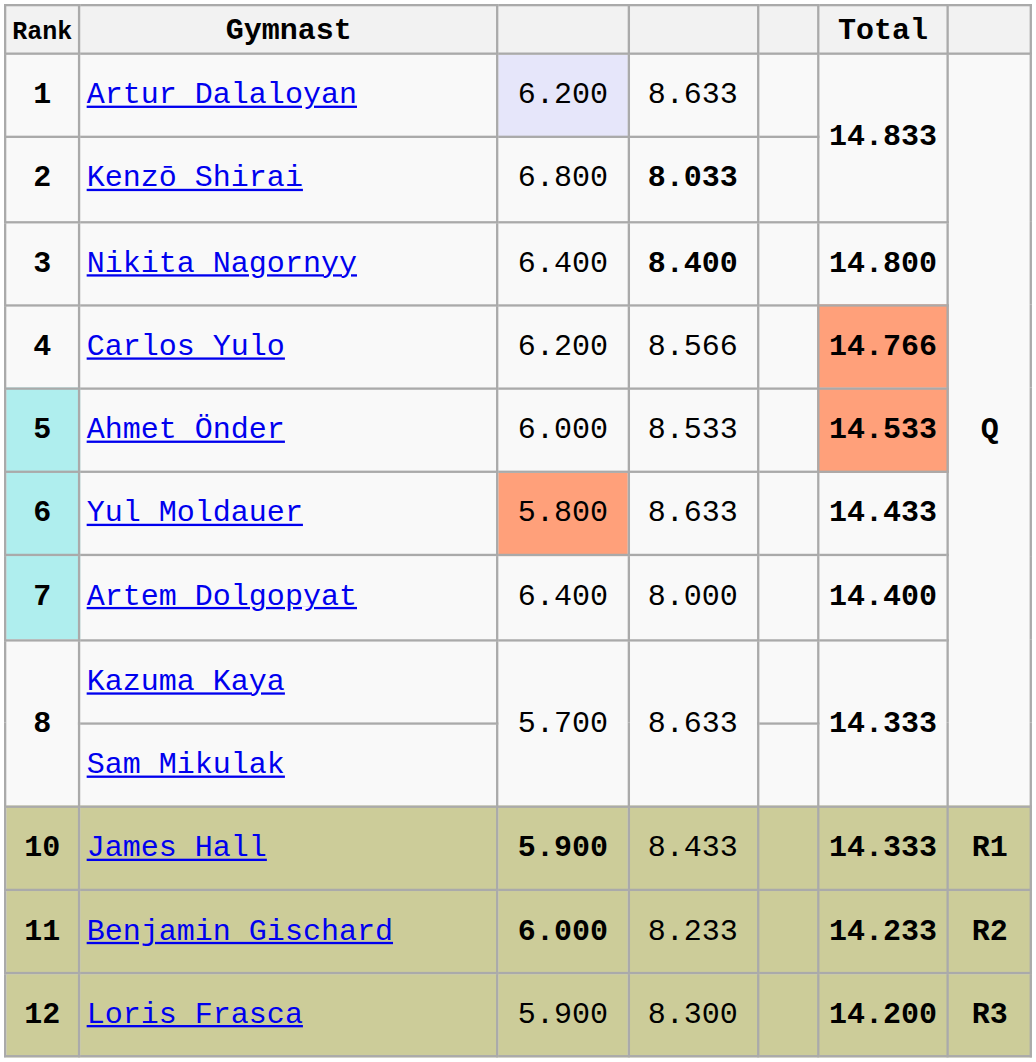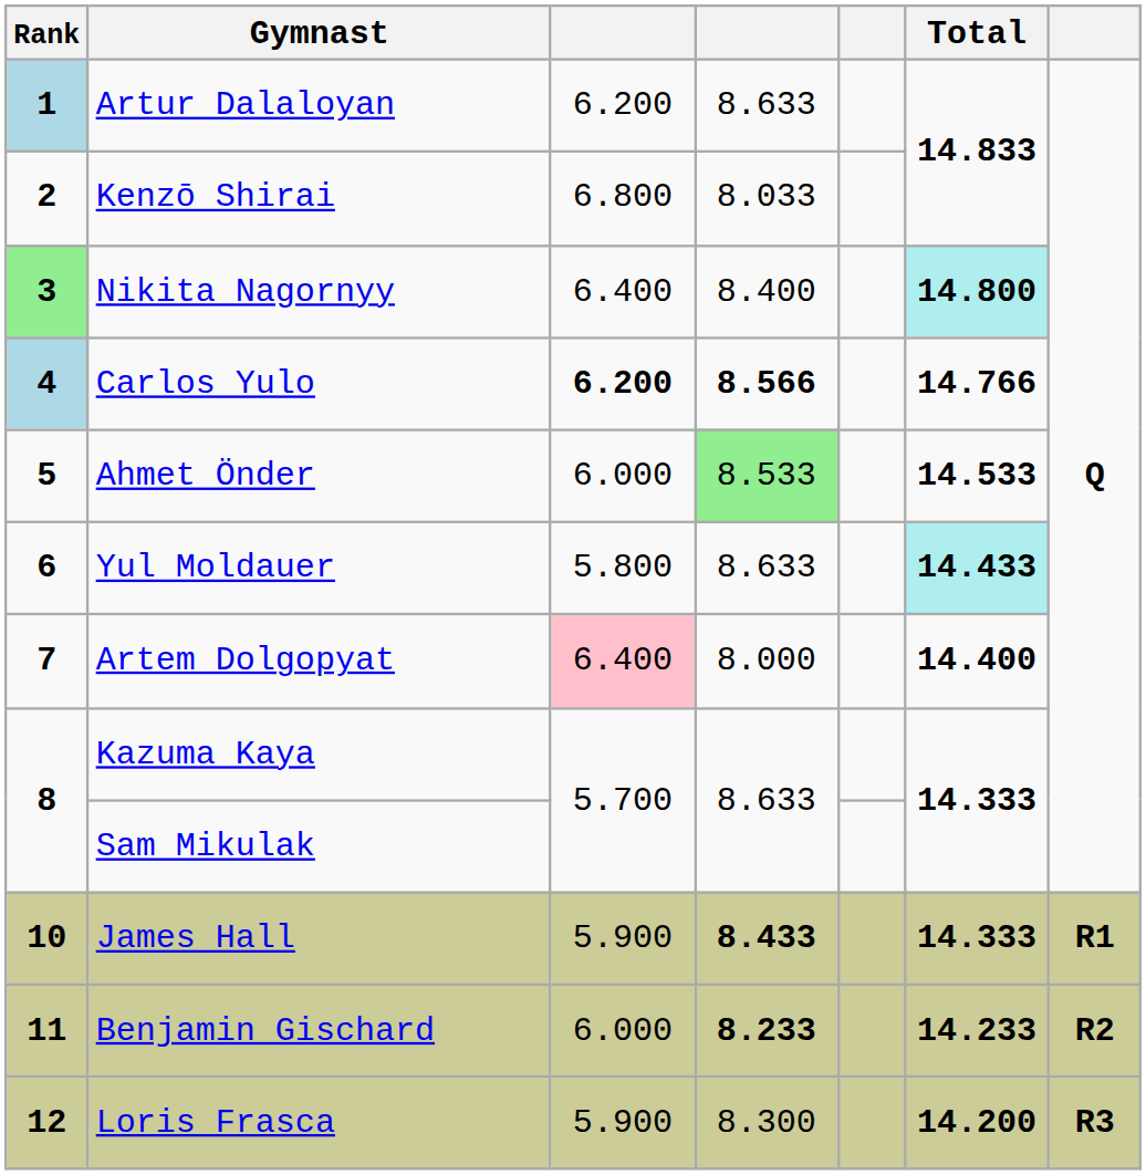 <table style="text-align:center;" class="wikitable sortable">
 <tr>
 <th scope="col" style="width:15px;"><small>Rank</small></th>
 <th scope="col" style="width:175px;">Gymnast</th>
 <th scope="col" style="width:50px;"><small></small></th>
 <th scope="col" style="width:50px;"><small></small></th>
 <th scope="col" style="width:20px;"><small></small></th>
 <th scope="col" style="width:50px;">Total</th>
 <th scope="col" style="width:30px;"><small></small></th>
 </tr>
 <tr>
-<td scope="row" style="text-align:center"><strong>1</strong></td>
+<td scope="row" style="background: lightblue; text-align:center"><strong>1</strong></td>
 <td style="height:30px; text-align:left;"> <a href='#'>Artur Dalaloyan</a></td>
-<td style="background: lavender;">6.200</td>
+<td>6.200</td>
 <td>8.633</td>
 <td></td>
 <td rowspan=2><strong>14.833</strong></td>
 <td rowspan=9><strong>Q</strong></td>
 </tr>
 <tr>
 <td scope="row" style="text-align:center"><strong>2</strong></td>
 <td style="height:30px; text-align:left;"> <a href='#'>Kenzō Shirai</a></td>
 <td>6.800</td>
-<td><strong>8.033</strong></td>
+<td>8.033</td>
 <td></td>
 </tr>
 <tr>
-<td scope="row" style="text-align:center"><strong>3</strong></td>
+<td scope="row" style="background: lightgreen; text-align:center"><strong>3</strong></td>
 <td style="height:30px; text-align:left;"> <a href='#'>Nikita Nagornyy</a></td>
 <td>6.400</td>
-<td><strong>8.400</strong></td>
+<td>8.400</td>
 <td></td>
-<td><strong>14.800</strong></td>
+<td style="background: paleturquoise;"><strong>14.800</strong></td>
 </tr>
 <tr>
-<td scope="row" style="text-align:center"><strong>4</strong></td>
+<td scope="row" style="background: lightblue; text-align:center"><strong>4</strong></td>
 <td style="height:30px; text-align:left;"> <a href='#'>Carlos Yulo</a></td>
-<td>6.200</td>
-<td>8.566</td>
+<td><strong>6.200</strong></td>
+<td><strong>8.566</strong></td>
 <td></td>
-<td style="background: lightsalmon;"><strong>14.766</strong></td>
+<td><strong>14.766</strong></td>
 </tr>
 <tr>
-<td scope="row" style="background: paleturquoise; text-align:center"><strong>5</strong></td>
+<td scope="row" style="text-align:center"><strong>5</strong></td>
 <td style="height:30px; text-align:left;"> <a href='#'>Ahmet Önder</a></td>
 <td>6.000</td>
-<td>8.533</td>
+<td style="background: lightgreen;">8.533</td>
 <td></td>
-<td style="background: lightsalmon;"><strong>14.533</strong></td>
+<td><strong>14.533</strong></td>
 </tr>
 <tr>
-<td scope="row" style="background: paleturquoise; text-align:center"><strong>6</strong></td>
+<td scope="row" style="text-align:center"><strong>6</strong></td>
 <td style="height:30px; text-align:left;"> <a href='#'>Yul Moldauer</a></td>
-<td style="background: lightsalmon;">5.800</td>
+<td>5.800</td>
 <td>8.633</td>
 <td></td>
-<td><strong>14.433</strong></td>
+<td style="background: paleturquoise;"><strong>14.433</strong></td>
 </tr>
 <tr>
-<td scope="row" style="background: paleturquoise; text-align:center"><strong>7</strong></td>
+<td scope="row" style="text-align:center"><strong>7</strong></td>
 <td style="height:30px; text-align:left;"> <a href='#'>Artem Dolgopyat</a></td>
-<td>6.400</td>
+<td style="background: pink;">6.400</td>
 <td>8.000</td>
 <td></td>
 <td><strong>14.400</strong></td>
 </tr>
 <tr>
 <td rowspan=2><strong>8</strong></td>
 <td style="height:30px; text-align:left;"> <a href='#'>Kazuma Kaya</a></td>
 <td rowspan=2>5.700</td>
 <td rowspan=2>8.633</td>
 <td></td>
 <td rowspan=2><strong>14.333</strong></td>
 </tr>
 <tr>
 <td style="height:30px; text-align:left;"> <a href='#'>Sam Mikulak</a></td>
 <td></td>
 </tr>
 <tr style="background:#cccc99;">
 <td scope="row" style="text-align:center"><strong>10</strong></td>
 <td style="height:30px; text-align:left;"> <a href='#'>James Hall</a></td>
-<td><strong>5.900</strong></td>
-<td>8.433</td>
+<td>5.900</td>
+<td><strong>8.433</strong></td>
 <td></td>
 <td><strong>14.333</strong></td>
 <td><strong>R1</strong></td>
 </tr>
 <tr style="background:#cccc99;">
 <td scope="row" style="text-align:center"><strong>11</strong></td>
 <td style="height:30px; text-align:left;"> <a href='#'>Benjamin Gischard</a></td>
-<td><strong>6.000</strong></td>
-<td>8.233</td>
+<td>6.000</td>
+<td><strong>8.233</strong></td>
 <td></td>
 <td><strong>14.233</strong></td>
 <td><strong>R2</strong></td>
 </tr>
 <tr style="background:#cccc99;">
 <td scope="row" style="text-align:center"><strong>12</strong></td>
 <td style="height:30px; text-align:left;"> <a href='#'>Loris Frasca</a></td>
 <td>5.900</td>
 <td>8.300</td>
 <td></td>
 <td><strong>14.200</strong></td>
 <td><strong>R3</strong></td>
 </tr>
 </table>
